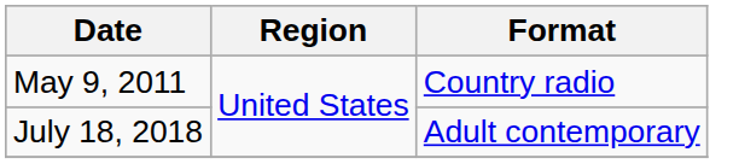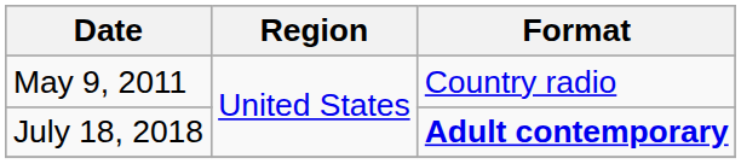 <table class="wikitable">
 <tr>
 <th>Date</th>
 <th>Region</th>
 <th>Format</th>
 </tr>
 <tr>
 <td>May 9, 2011</td>
 <td rowspan="2"><a href='#'>United States</a></td>
 <td><a href='#'>Country radio</a></td>
 </tr>
 <tr>
 <td>July 18, 2018</td>
-<td><a href='#'>Adult contemporary</a></td>
+<td><strong><a href='#'>Adult contemporary</a></strong></td>
 </tr>
 <tr>
 </tr>
 </table>
